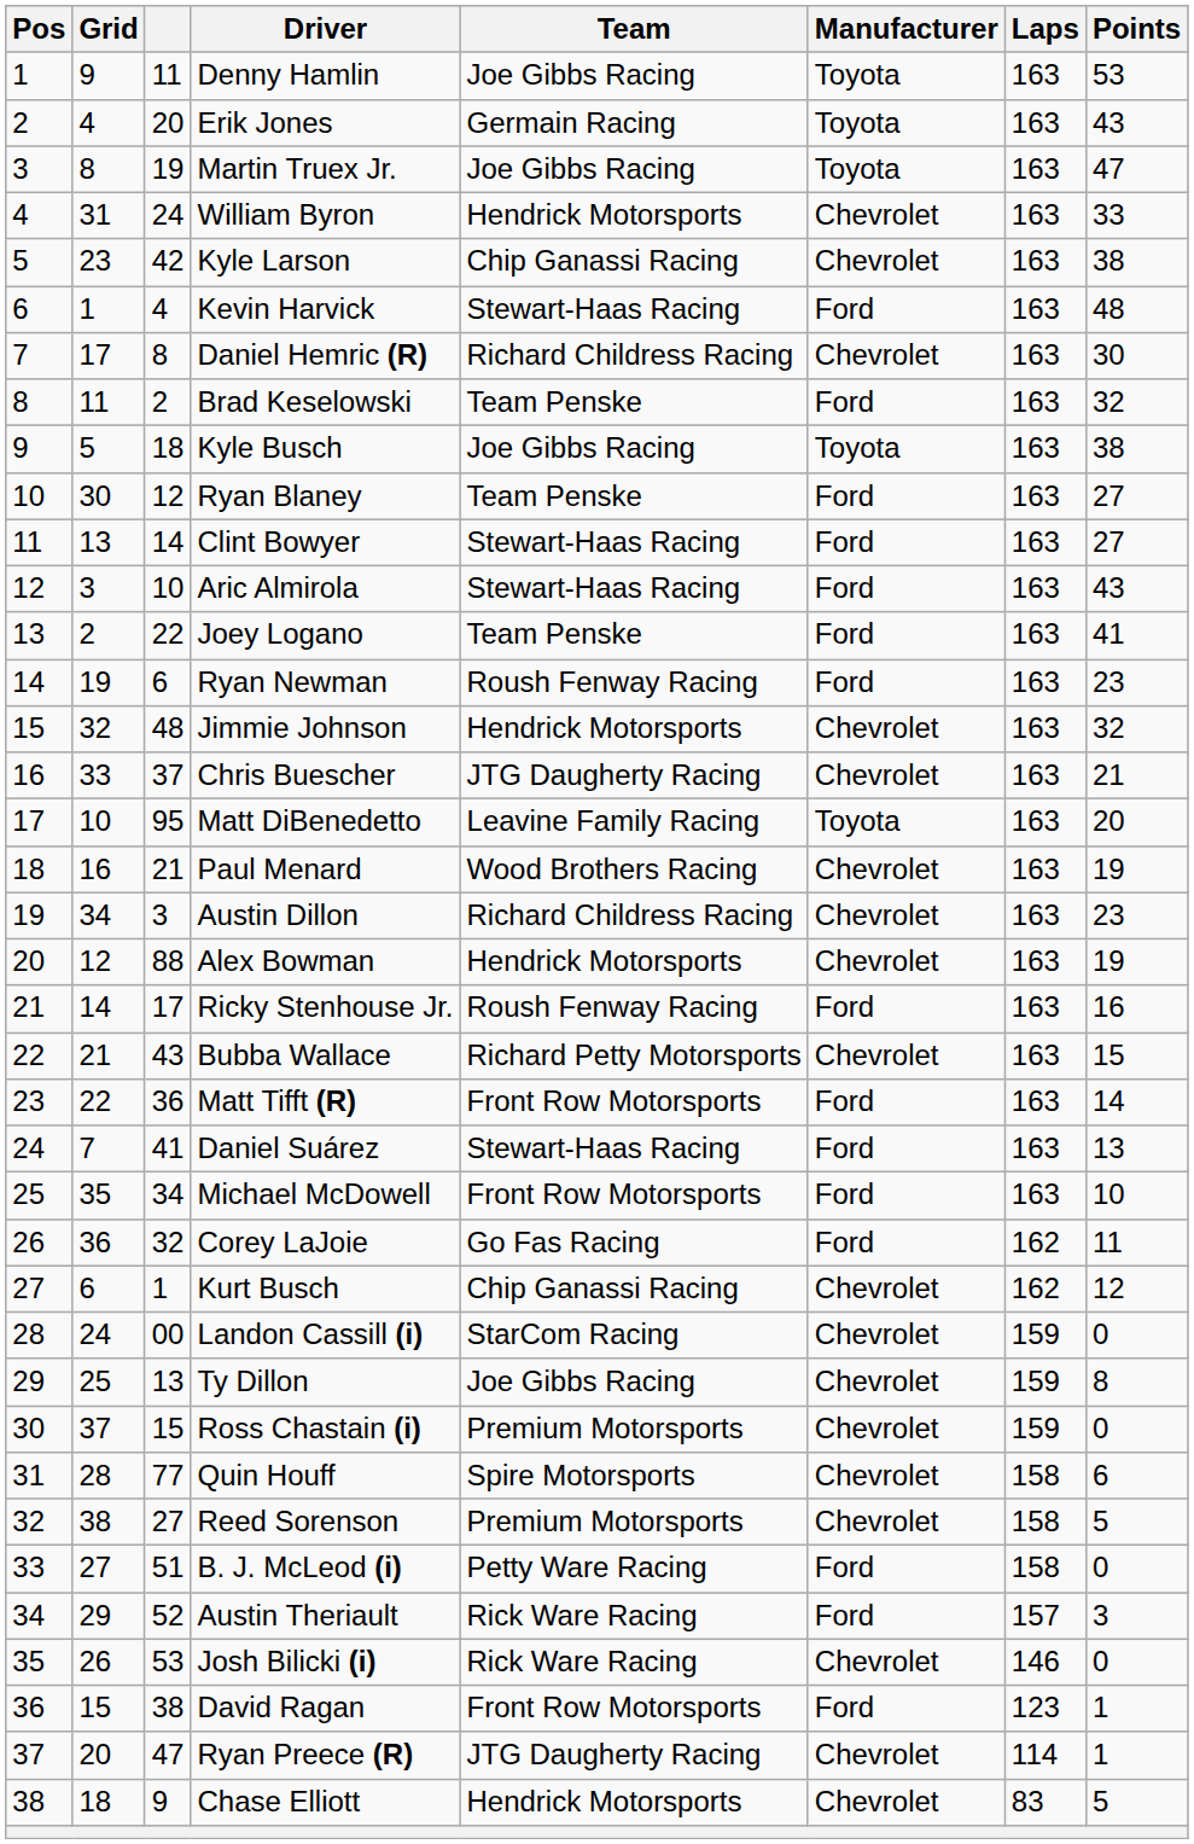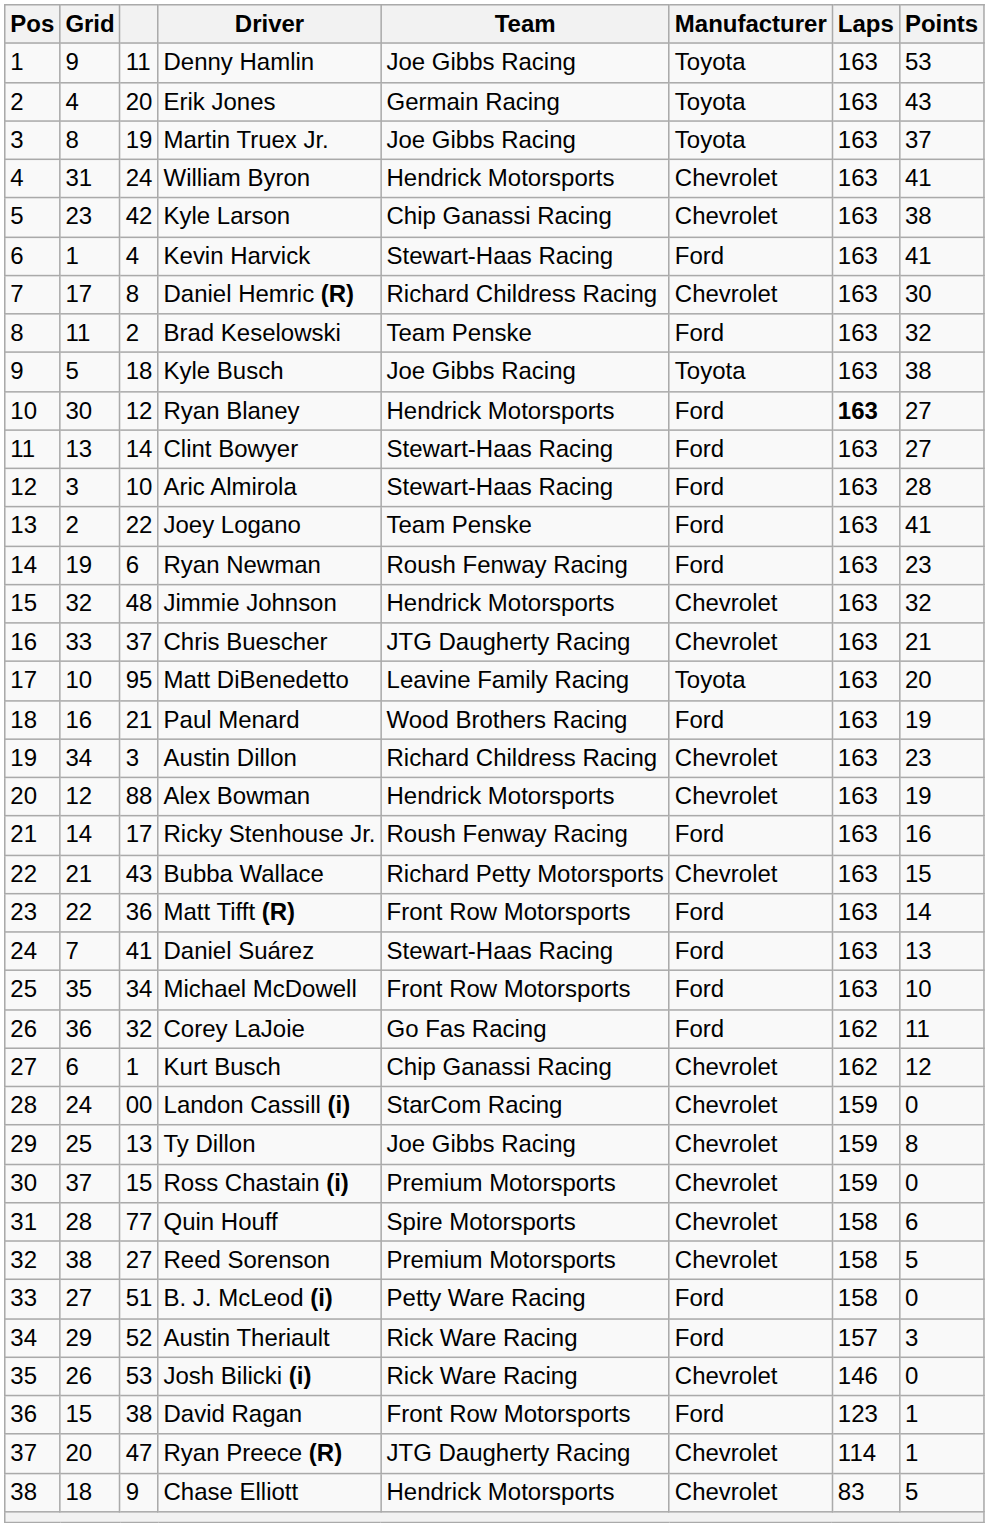 <table class="wikitable" style="font-size:98%">
 <tr>
 <th>Pos</th>
 <th>Grid</th>
 <th></th>
 <th>Driver</th>
 <th>Team</th>
 <th>Manufacturer</th>
 <th>Laps</th>
 <th>Points</th>
 </tr>
 <tr>
 <td>1</td>
 <td>9</td>
 <td>11</td>
 <td>Denny Hamlin</td>
 <td>Joe Gibbs Racing</td>
 <td>Toyota</td>
 <td>163</td>
 <td>53</td>
 </tr>
 <tr>
 <td>2</td>
 <td>4</td>
 <td>20</td>
 <td>Erik Jones</td>
 <td>Germain Racing</td>
 <td>Toyota</td>
 <td>163</td>
 <td>43</td>
 </tr>
 <tr>
 <td>3</td>
 <td>8</td>
 <td>19</td>
 <td>Martin Truex Jr.</td>
 <td>Joe Gibbs Racing</td>
 <td>Toyota</td>
 <td>163</td>
-<td>47</td>
+<td>37</td>
 </tr>
 <tr>
 <td>4</td>
 <td>31</td>
 <td>24</td>
 <td>William Byron</td>
 <td>Hendrick Motorsports</td>
 <td>Chevrolet</td>
 <td>163</td>
-<td>33</td>
+<td>41</td>
 </tr>
 <tr>
 <td>5</td>
 <td>23</td>
 <td>42</td>
 <td>Kyle Larson</td>
 <td>Chip Ganassi Racing</td>
 <td>Chevrolet</td>
 <td>163</td>
 <td>38</td>
 </tr>
 <tr>
 <td>6</td>
 <td>1</td>
 <td>4</td>
 <td>Kevin Harvick</td>
 <td>Stewart-Haas Racing</td>
 <td>Ford</td>
 <td>163</td>
-<td>48</td>
+<td>41</td>
 </tr>
 <tr>
 <td>7</td>
 <td>17</td>
 <td>8</td>
 <td>Daniel Hemric <strong>(R)</strong></td>
 <td>Richard Childress Racing</td>
 <td>Chevrolet</td>
 <td>163</td>
 <td>30</td>
 </tr>
 <tr>
 <td>8</td>
 <td>11</td>
 <td>2</td>
 <td>Brad Keselowski</td>
 <td>Team Penske</td>
 <td>Ford</td>
 <td>163</td>
 <td>32</td>
 </tr>
 <tr>
 <td>9</td>
 <td>5</td>
 <td>18</td>
 <td>Kyle Busch</td>
 <td>Joe Gibbs Racing</td>
 <td>Toyota</td>
 <td>163</td>
 <td>38</td>
 </tr>
 <tr>
 <td>10</td>
 <td>30</td>
 <td>12</td>
 <td>Ryan Blaney</td>
-<td>Team Penske</td>
+<td>Hendrick Motorsports</td>
 <td>Ford</td>
-<td>163</td>
+<td><strong>163</strong></td>
 <td>27</td>
 </tr>
 <tr>
 <td>11</td>
 <td>13</td>
 <td>14</td>
 <td>Clint Bowyer</td>
 <td>Stewart-Haas Racing</td>
 <td>Ford</td>
 <td>163</td>
 <td>27</td>
 </tr>
 <tr>
 <td>12</td>
 <td>3</td>
 <td>10</td>
 <td>Aric Almirola</td>
 <td>Stewart-Haas Racing</td>
 <td>Ford</td>
 <td>163</td>
-<td>43</td>
+<td>28</td>
 </tr>
 <tr>
 <td>13</td>
 <td>2</td>
 <td>22</td>
 <td>Joey Logano</td>
 <td>Team Penske</td>
 <td>Ford</td>
 <td>163</td>
 <td>41</td>
 </tr>
 <tr>
 <td>14</td>
 <td>19</td>
 <td>6</td>
 <td>Ryan Newman</td>
 <td>Roush Fenway Racing</td>
 <td>Ford</td>
 <td>163</td>
 <td>23</td>
 </tr>
 <tr>
 <td>15</td>
 <td>32</td>
 <td>48</td>
 <td>Jimmie Johnson</td>
 <td>Hendrick Motorsports</td>
 <td>Chevrolet</td>
 <td>163</td>
 <td>32</td>
 </tr>
 <tr>
 <td>16</td>
 <td>33</td>
 <td>37</td>
 <td>Chris Buescher</td>
 <td>JTG Daugherty Racing</td>
 <td>Chevrolet</td>
 <td>163</td>
 <td>21</td>
 </tr>
 <tr>
 <td>17</td>
 <td>10</td>
 <td>95</td>
 <td>Matt DiBenedetto</td>
 <td>Leavine Family Racing</td>
 <td>Toyota</td>
 <td>163</td>
 <td>20</td>
 </tr>
 <tr>
 <td>18</td>
 <td>16</td>
 <td>21</td>
 <td>Paul Menard</td>
 <td>Wood Brothers Racing</td>
-<td>Chevrolet</td>
+<td>Ford</td>
 <td>163</td>
 <td>19</td>
 </tr>
 <tr>
 <td>19</td>
 <td>34</td>
 <td>3</td>
 <td>Austin Dillon</td>
 <td>Richard Childress Racing</td>
 <td>Chevrolet</td>
 <td>163</td>
 <td>23</td>
 </tr>
 <tr>
 <td>20</td>
 <td>12</td>
 <td>88</td>
 <td>Alex Bowman</td>
 <td>Hendrick Motorsports</td>
 <td>Chevrolet</td>
 <td>163</td>
 <td>19</td>
 </tr>
 <tr>
 <td>21</td>
 <td>14</td>
 <td>17</td>
 <td>Ricky Stenhouse Jr.</td>
 <td>Roush Fenway Racing</td>
 <td>Ford</td>
 <td>163</td>
 <td>16</td>
 </tr>
 <tr>
 <td>22</td>
 <td>21</td>
 <td>43</td>
 <td>Bubba Wallace</td>
 <td>Richard Petty Motorsports</td>
 <td>Chevrolet</td>
 <td>163</td>
 <td>15</td>
 </tr>
 <tr>
 <td>23</td>
 <td>22</td>
 <td>36</td>
 <td>Matt Tifft <strong>(R)</strong></td>
 <td>Front Row Motorsports</td>
 <td>Ford</td>
 <td>163</td>
 <td>14</td>
 </tr>
 <tr>
 <td>24</td>
 <td>7</td>
 <td>41</td>
 <td>Daniel Suárez</td>
 <td>Stewart-Haas Racing</td>
 <td>Ford</td>
 <td>163</td>
 <td>13</td>
 </tr>
 <tr>
 <td>25</td>
 <td>35</td>
 <td>34</td>
 <td>Michael McDowell</td>
 <td>Front Row Motorsports</td>
 <td>Ford</td>
 <td>163</td>
 <td>10</td>
 </tr>
 <tr>
 <td>26</td>
 <td>36</td>
 <td>32</td>
 <td>Corey LaJoie</td>
 <td>Go Fas Racing</td>
 <td>Ford</td>
 <td>162</td>
 <td>11</td>
 </tr>
 <tr>
 <td>27</td>
 <td>6</td>
 <td>1</td>
 <td>Kurt Busch</td>
 <td>Chip Ganassi Racing</td>
 <td>Chevrolet</td>
 <td>162</td>
 <td>12</td>
 </tr>
 <tr>
 <td>28</td>
 <td>24</td>
 <td>00</td>
 <td>Landon Cassill <strong>(i)</strong></td>
 <td>StarCom Racing</td>
 <td>Chevrolet</td>
 <td>159</td>
 <td>0</td>
 </tr>
 <tr>
 <td>29</td>
 <td>25</td>
 <td>13</td>
 <td>Ty Dillon</td>
 <td>Joe Gibbs Racing</td>
 <td>Chevrolet</td>
 <td>159</td>
 <td>8</td>
 </tr>
 <tr>
 <td>30</td>
 <td>37</td>
 <td>15</td>
 <td>Ross Chastain <strong>(i)</strong></td>
 <td>Premium Motorsports</td>
 <td>Chevrolet</td>
 <td>159</td>
 <td>0</td>
 </tr>
 <tr>
 <td>31</td>
 <td>28</td>
 <td>77</td>
 <td>Quin Houff</td>
 <td>Spire Motorsports</td>
 <td>Chevrolet</td>
 <td>158</td>
 <td>6</td>
 </tr>
 <tr>
 <td>32</td>
 <td>38</td>
 <td>27</td>
 <td>Reed Sorenson</td>
 <td>Premium Motorsports</td>
 <td>Chevrolet</td>
 <td>158</td>
 <td>5</td>
 </tr>
 <tr>
 <td>33</td>
 <td>27</td>
 <td>51</td>
 <td>B. J. McLeod <strong>(i)</strong></td>
 <td>Petty Ware Racing</td>
 <td>Ford</td>
 <td>158</td>
 <td>0</td>
 </tr>
 <tr>
 <td>34</td>
 <td>29</td>
 <td>52</td>
 <td>Austin Theriault</td>
 <td>Rick Ware Racing</td>
 <td>Ford</td>
 <td>157</td>
 <td>3</td>
 </tr>
 <tr>
 <td>35</td>
 <td>26</td>
 <td>53</td>
 <td>Josh Bilicki <strong>(i)</strong></td>
 <td>Rick Ware Racing</td>
 <td>Chevrolet</td>
 <td>146</td>
 <td>0</td>
 </tr>
 <tr>
 <td>36</td>
 <td>15</td>
 <td>38</td>
 <td>David Ragan</td>
 <td>Front Row Motorsports</td>
 <td>Ford</td>
 <td>123</td>
 <td>1</td>
 </tr>
 <tr>
 <td>37</td>
 <td>20</td>
 <td>47</td>
 <td>Ryan Preece <strong>(R)</strong></td>
 <td>JTG Daugherty Racing</td>
 <td>Chevrolet</td>
 <td>114</td>
 <td>1</td>
 </tr>
 <tr>
 <td>38</td>
 <td>18</td>
 <td>9</td>
 <td>Chase Elliott</td>
 <td>Hendrick Motorsports</td>
 <td>Chevrolet</td>
 <td>83</td>
 <td>5</td>
 </tr>
 <tr>
 <th colspan="8"></th>
 </tr>
 </table>
